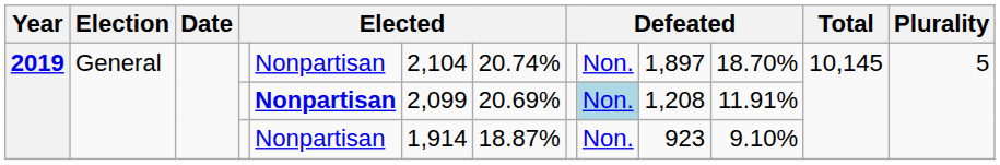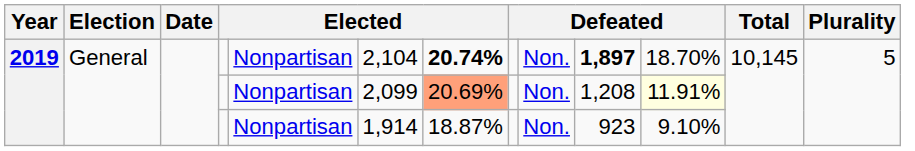 <table class="wikitable">
 <tr>
 <th>Year</th>
 <th>Election</th>
 <th>Date</th>
 <th colspan="4">Elected</th>
 <th colspan="4">Defeated</th>
 <th>Total</th>
 <th>Plurality</th>
 </tr>
 <tr>
 <th rowspan="3" valign="top"><a href='#'>2019</a></th>
 <td rowspan="3" valign="top">General</td>
 <td rowspan="3" valign="top"></td>
 <td valign="top"></td>
 <td valign="top" ><a href='#'>Nonpartisan</a></td>
 <td valign="top" align="right">2,104</td>
-<td valign="top" align="right">20.74%</td>
+<td valign="top" align="right"><strong>20.74%</strong></td>
 <td valign="top"></td>
 <td valign="top" ><a href='#'>Non.</a></td>
-<td valign="top" align="right">1,897</td>
+<td valign="top" align="right"><strong>1,897</strong></td>
 <td valign="top" align="right">18.70%</td>
 <td rowspan="3" valign="top" align="right">10,145</td>
 <td rowspan="3" valign="top" align="right">5</td>
 </tr>
 <tr>
 <td></td>
-<td valign="top" ><strong><a href='#'>Nonpartisan</a></strong></td>
+<td valign="top" ><a href='#'>Nonpartisan</a></td>
 <td valign="top" align="right">2,099</td>
-<td valign="top" align="right">20.69%</td>
+<td valign="top" align="right" style="background: lightsalmon;">20.69%</td>
 <td></td>
-<td valign="top"  style="background: lightblue;"><a href='#'>Non.</a></td>
+<td valign="top" ><a href='#'>Non.</a></td>
 <td valign="top" align="right">1,208</td>
-<td valign="top" align="right">11.91%</td>
+<td valign="top" align="right" style="background: lightyellow;">11.91%</td>
 </tr>
 <tr>
 <td></td>
 <td valign="top" ><a href='#'>Nonpartisan</a></td>
 <td valign="top" align="right">1,914</td>
 <td valign="top" align="right">18.87%</td>
 <td></td>
 <td valign="top" ><a href='#'>Non.</a></td>
 <td valign="top" align="right">923</td>
 <td valign="top" align="right">9.10%</td>
 </tr>
 </table>
